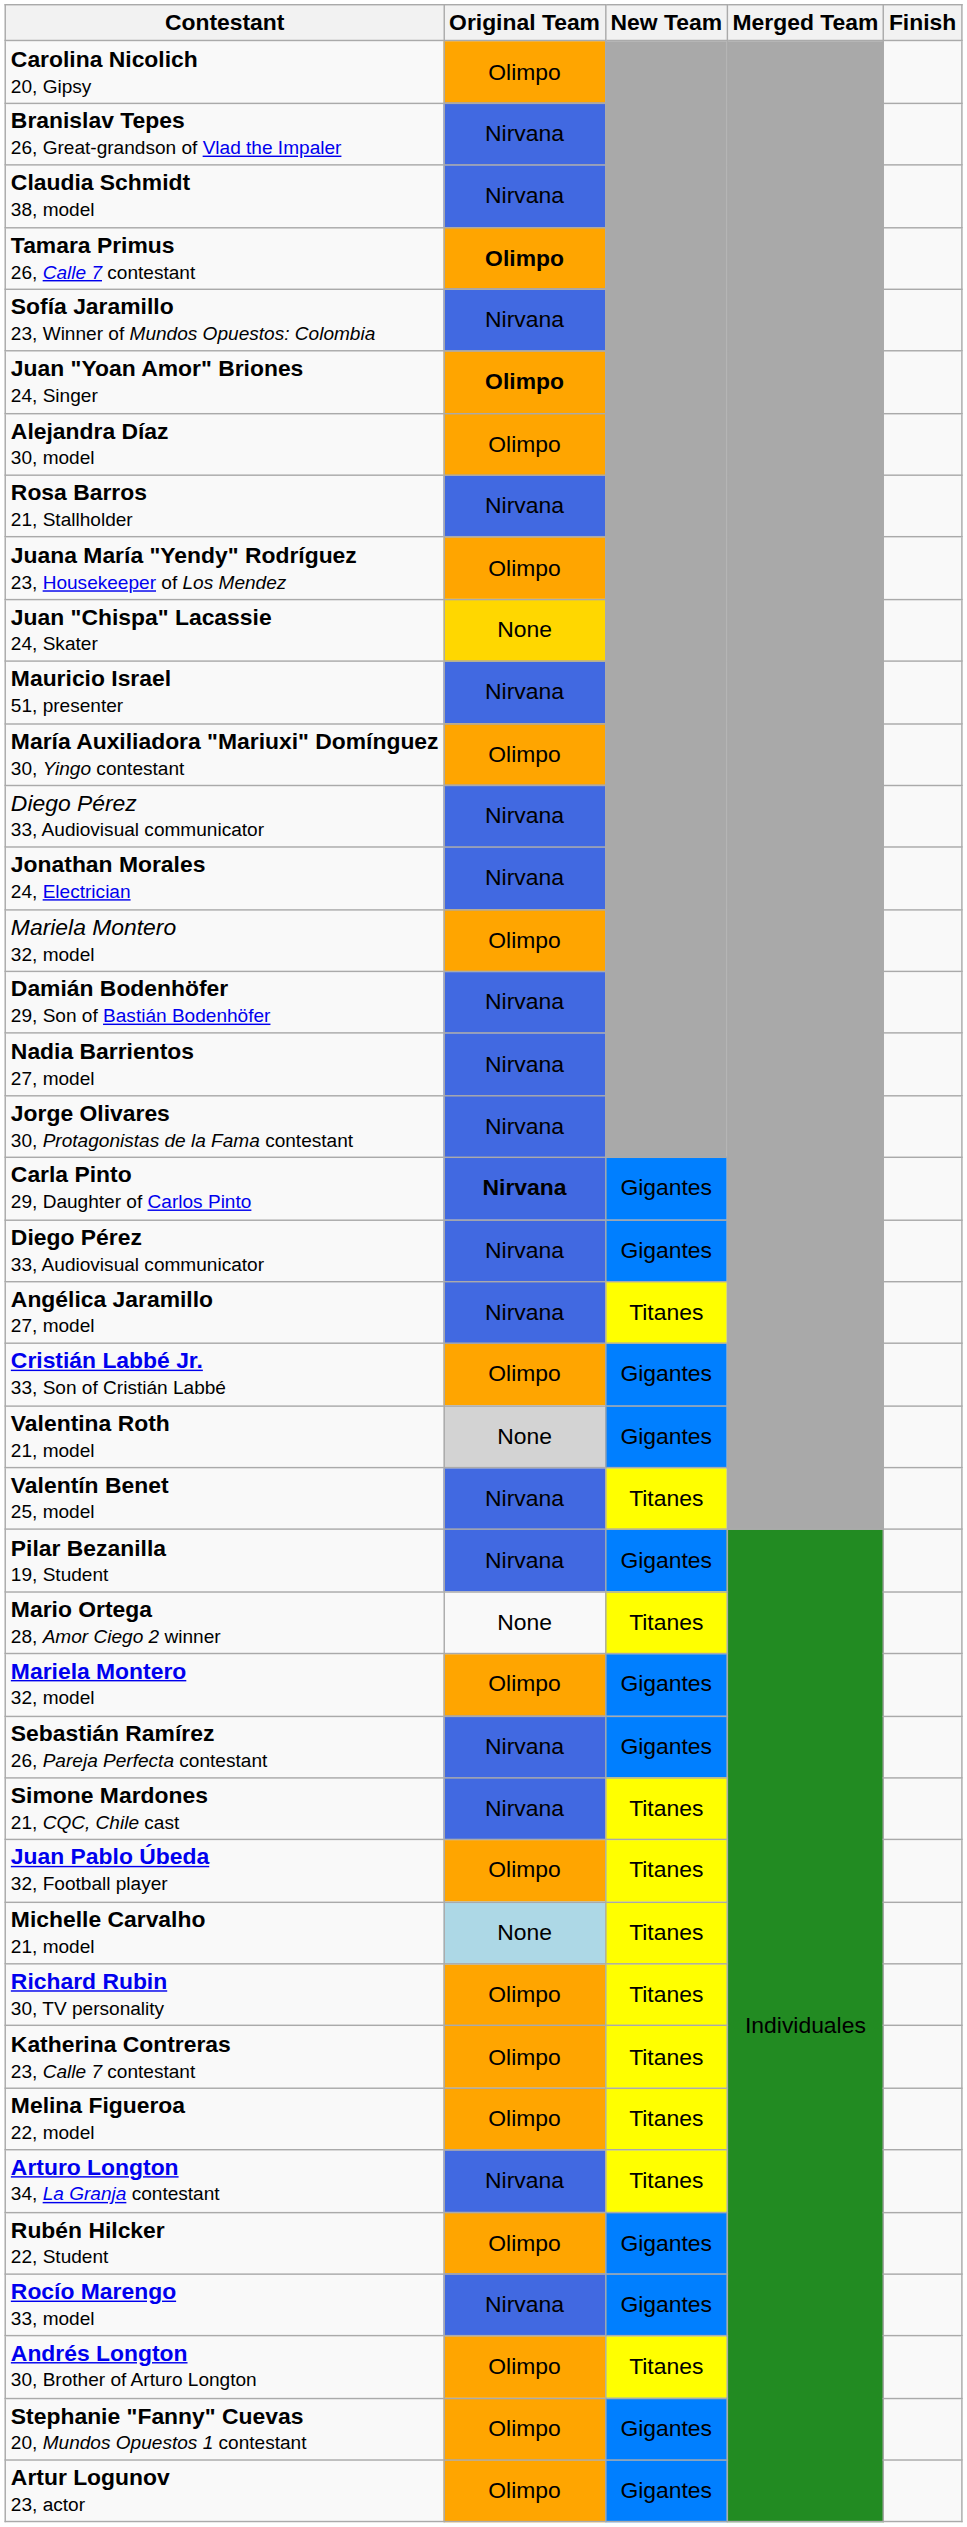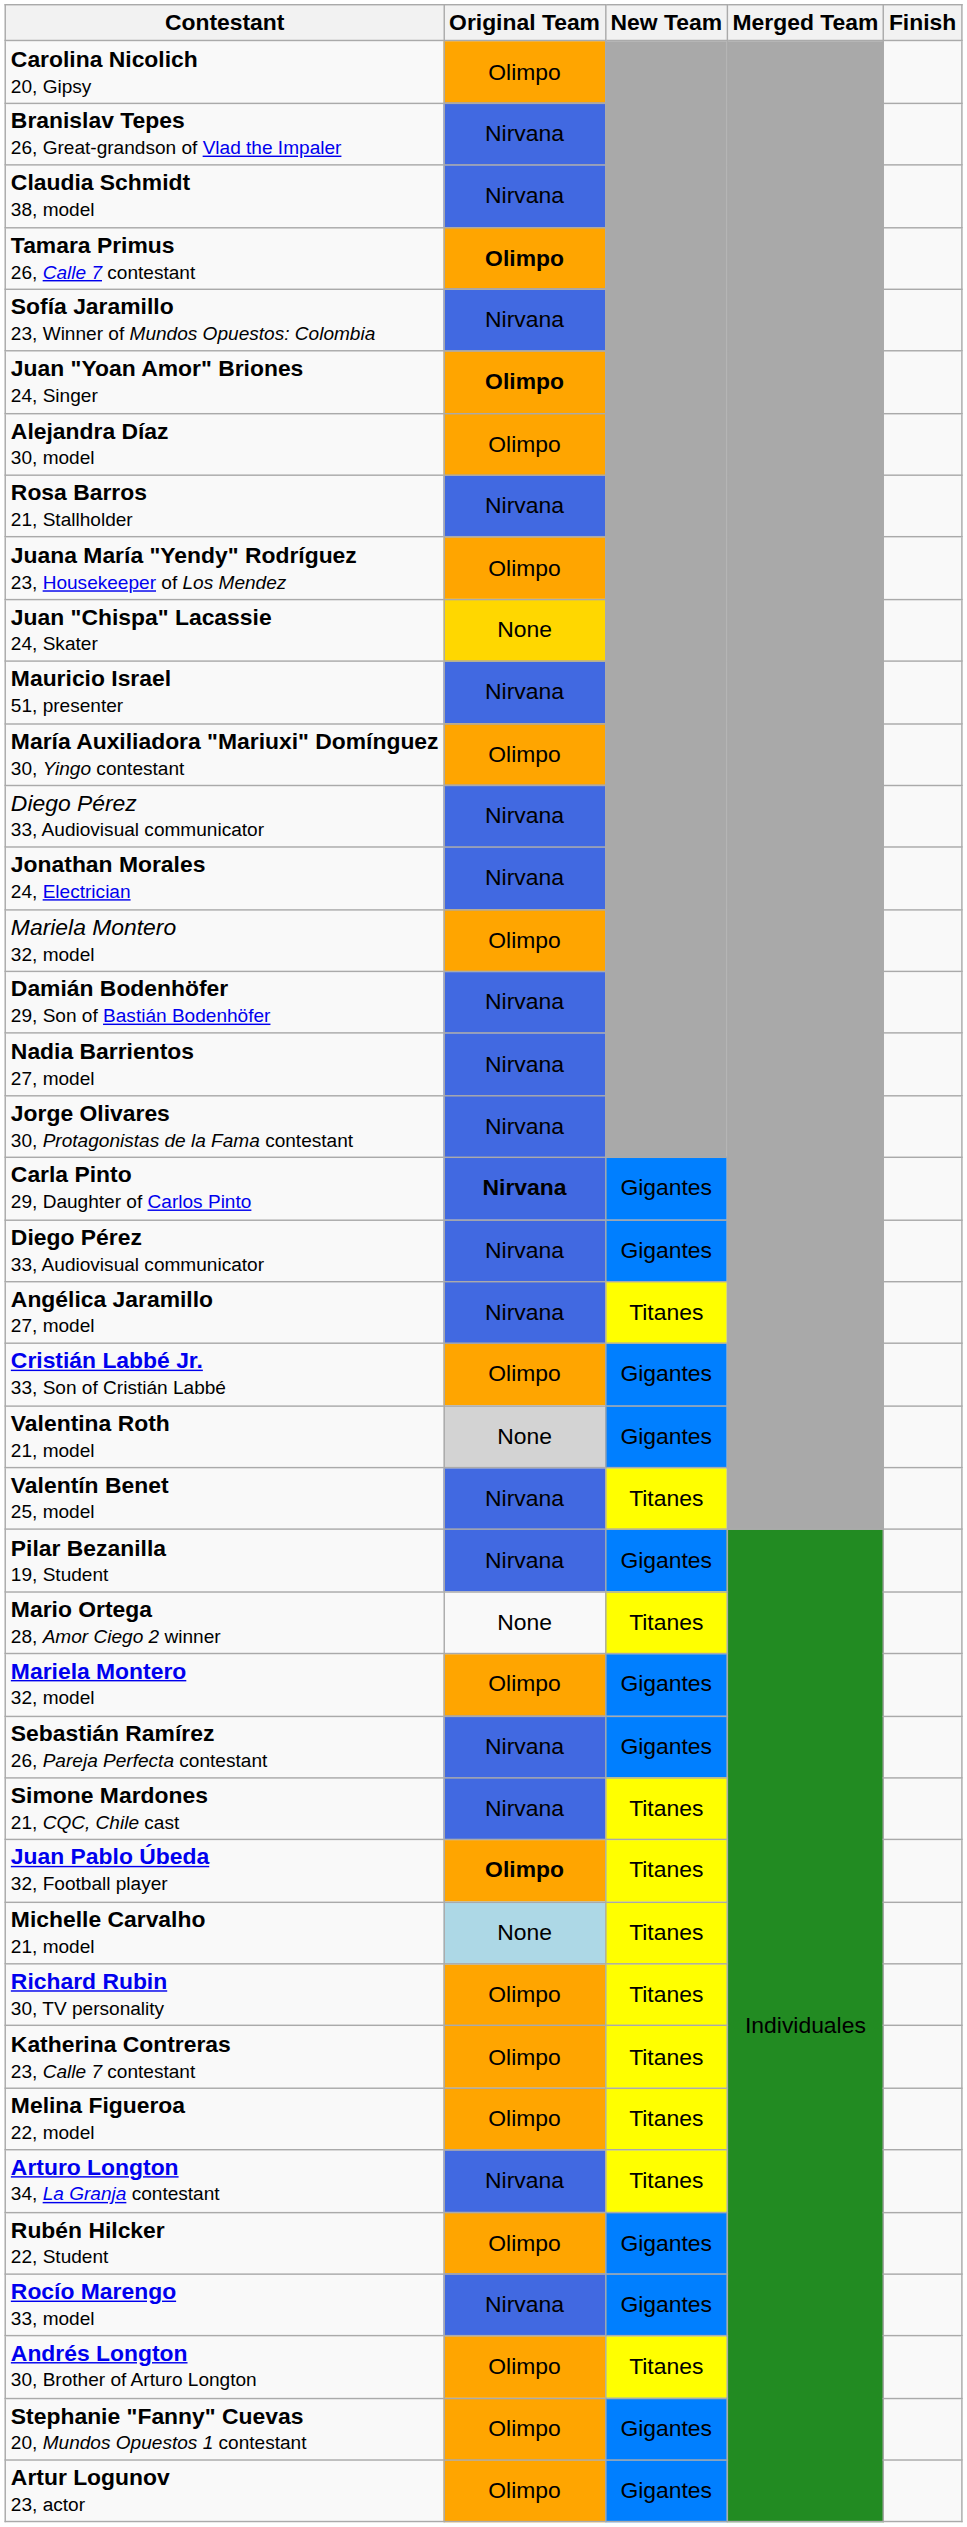 <table class="wikitable sortable" style="margin:auto; text-align:center">
 <tr>
 <th>Contestant</th>
 <th>Original Team</th>
 <th>New Team</th>
 <th>Merged Team</th>
 <th>Finish</th>
 </tr>
 <tr>
 <td align="left"><strong>Carolina Nicolich</strong><br><small>20, Gipsy</small></td>
 <td bgcolor="Orange">Olimpo</td>
 <td rowspan=18 style="background:darkgrey"></td>
 <td rowspan=24 style="background:darkgrey"></td>
 <td></td>
 </tr>
 <tr>
 <td align="left"><strong>Branislav Tepes</strong><br><small>26, Great-grandson of <a href='#'>Vlad the Impaler</a></small></td>
 <td bgcolor="RoyalBlue">Nirvana</td>
 <td></td>
 </tr>
 <tr>
 <td align="left"><strong>Claudia Schmidt</strong><br><small>38, model</small></td>
 <td bgcolor="RoyalBlue">Nirvana</td>
 <td></td>
 </tr>
 <tr>
 <td align="left"><strong>Tamara Primus</strong><br><small>26, <em><a href='#'>Calle 7</a></em> contestant</small></td>
 <td bgcolor="Orange"><strong>Olimpo</strong></td>
 <td></td>
 </tr>
 <tr>
 <td align="left"><strong>Sofía Jaramillo</strong><br><small>23, Winner of <em>Mundos Opuestos: Colombia</em></small></td>
 <td bgcolor="RoyalBlue">Nirvana</td>
 <td></td>
 </tr>
 <tr>
 <td align="left"><strong>Juan "Yoan Amor" Briones</strong><br><small>24, Singer</small></td>
 <td bgcolor="Orange"><strong>Olimpo</strong></td>
 <td></td>
 </tr>
 <tr>
 <td align="left"><strong>Alejandra Díaz</strong><br><small>30, model</small></td>
 <td bgcolor="Orange">Olimpo</td>
 <td></td>
 </tr>
 <tr>
 <td align="left"><strong>Rosa Barros</strong><br><small>21, Stallholder</small></td>
 <td bgcolor="RoyalBlue">Nirvana</td>
 <td></td>
 </tr>
 <tr>
 <td align="left"><strong>Juana María "Yendy" Rodríguez</strong><br><small>23, <a href='#'>Housekeeper</a> of <em>Los Mendez</em></small></td>
 <td bgcolor="Orange">Olimpo</td>
 <td></td>
 </tr>
 <tr>
 <td align="left"><strong>Juan "Chispa" Lacassie</strong><br><small>24, Skater</small></td>
 <td style="background: gold;">None</td>
 <td></td>
 </tr>
 <tr>
 <td align="left"><strong>Mauricio Israel</strong><br><small>51, presenter</small></td>
 <td bgcolor="RoyalBlue">Nirvana</td>
 <td></td>
 </tr>
 <tr>
 <td align="left"><strong>María Auxiliadora "Mariuxi" Domínguez</strong><br><small>30, <em>Yingo</em> contestant</small></td>
 <td bgcolor="Orange">Olimpo</td>
 <td></td>
 </tr>
 <tr>
 <td align="left"><em>Diego Pérez</em><br><small>33, Audiovisual communicator</small></td>
 <td bgcolor="RoyalBlue">Nirvana</td>
 <td></td>
 </tr>
 <tr>
 <td align="left"><strong>Jonathan Morales</strong><br><small>24, <a href='#'>Electrician</a></small></td>
 <td bgcolor="RoyalBlue">Nirvana</td>
 <td></td>
 </tr>
 <tr>
 <td align="left"><em>Mariela Montero</em><br><small>32, model</small></td>
 <td bgcolor="Orange">Olimpo</td>
 <td></td>
 </tr>
 <tr>
 <td align="left"><strong>Damián Bodenhöfer</strong><br><small>29, Son of <a href='#'>Bastián Bodenhöfer</a></small></td>
 <td bgcolor="RoyalBlue">Nirvana</td>
 <td></td>
 </tr>
 <tr>
 <td align="left"><strong>Nadia Barrientos</strong><br><small>27, model</small></td>
 <td bgcolor="RoyalBlue">Nirvana</td>
 <td></td>
 </tr>
 <tr>
 <td align="left"><strong>Jorge Olivares</strong><br><small>30, <em>Protagonistas de la Fama</em> contestant</small></td>
 <td bgcolor="RoyalBlue">Nirvana</td>
 <td></td>
 </tr>
 <tr>
 <td align="left"><strong>Carla Pinto</strong><br><small>29, Daughter of <a href='#'>Carlos Pinto</a></small></td>
 <td bgcolor="RoyalBlue"><strong>Nirvana</strong></td>
 <td bgcolor="#007FFF">Gigantes</td>
 <td></td>
 </tr>
 <tr>
 <td align="left"><strong>Diego Pérez</strong><br><small>33, Audiovisual communicator</small></td>
 <td bgcolor="RoyalBlue">Nirvana</td>
 <td bgcolor="#007FFF">Gigantes</td>
 <td></td>
 </tr>
 <tr>
 <td align="left"><strong>Angélica Jaramillo</strong><br><small>27, model</small></td>
 <td bgcolor="RoyalBlue">Nirvana</td>
 <td bgcolor="Yellow">Titanes</td>
 <td></td>
 </tr>
 <tr>
 <td align="left"><strong><a href='#'>Cristián Labbé Jr.</a></strong><br><small>33, Son of Cristián Labbé</small></td>
 <td bgcolor="Orange">Olimpo</td>
 <td bgcolor="#007FFF">Gigantes</td>
 <td></td>
 </tr>
 <tr>
 <td align="left"><strong>Valentina Roth</strong><br><small>21, model</small></td>
 <td style="background: lightgrey;">None</td>
 <td bgcolor="#007FFF">Gigantes</td>
 <td></td>
 </tr>
 <tr>
 <td align="left"><strong>Valentín Benet</strong><br><small>25, model</small></td>
 <td bgcolor="RoyalBlue">Nirvana</td>
 <td bgcolor="Yellow">Titanes</td>
 <td></td>
 </tr>
 <tr>
 <td align="left"><strong>Pilar Bezanilla</strong><br><small>19, Student</small></td>
 <td bgcolor="RoyalBlue">Nirvana</td>
 <td bgcolor="#007FFF">Gigantes</td>
 <td rowspan=16 style="background:ForestGreen;">Individuales</td>
 <td></td>
 </tr>
 <tr>
 <td align="left"><strong>Mario Ortega</strong><br><small>28, <em>Amor Ciego 2</em> winner</small></td>
 <td>None</td>
 <td bgcolor="Yellow">Titanes</td>
 <td></td>
 </tr>
 <tr>
 <td align="left"><strong><a href='#'>Mariela Montero</a></strong><br><small>32, model</small></td>
 <td bgcolor="Orange">Olimpo</td>
 <td bgcolor="#007FFF">Gigantes</td>
 <td></td>
 </tr>
 <tr>
 <td align="left"><strong>Sebastián Ramírez</strong><br><small>26, <em>Pareja Perfecta</em> contestant</small></td>
 <td bgcolor="RoyalBlue">Nirvana</td>
 <td bgcolor="#007FFF">Gigantes</td>
 <td></td>
 </tr>
 <tr>
 <td align="left"><strong>Simone Mardones</strong><br><small>21, <em>CQC, Chile</em> cast</small></td>
 <td bgcolor="RoyalBlue">Nirvana</td>
 <td bgcolor="Yellow">Titanes</td>
 <td></td>
 </tr>
 <tr>
 <td align="left"><strong><a href='#'>Juan Pablo Úbeda</a></strong><br><small>32, Football player</small></td>
-<td bgcolor="Orange">Olimpo</td>
+<td bgcolor="Orange"><strong>Olimpo</strong></td>
 <td bgcolor="Yellow">Titanes</td>
 <td></td>
 </tr>
 <tr>
 <td align="left"><strong>Michelle Carvalho</strong><br><small>21, model</small></td>
 <td style="background: lightblue;">None</td>
 <td bgcolor="Yellow">Titanes</td>
 <td></td>
 </tr>
 <tr>
 <td align="left"><strong><a href='#'>Richard Rubin</a></strong><br><small>30, TV personality</small></td>
 <td bgcolor="Orange">Olimpo</td>
 <td bgcolor="Yellow">Titanes</td>
 <td></td>
 </tr>
 <tr>
 <td align="left"><strong>Katherina Contreras</strong><br><small>23, <em>Calle 7</em> contestant</small></td>
 <td bgcolor="Orange">Olimpo</td>
 <td bgcolor="Yellow">Titanes</td>
 <td></td>
 </tr>
 <tr>
 <td align="left"><strong>Melina Figueroa</strong><br><small>22, model</small></td>
 <td bgcolor="Orange">Olimpo</td>
 <td bgcolor="Yellow">Titanes</td>
 <td></td>
 </tr>
 <tr>
 <td align="left"><strong><a href='#'>Arturo Longton</a></strong><br><small>34, <em><a href='#'>La Granja</a></em> contestant</small></td>
 <td bgcolor="RoyalBlue">Nirvana</td>
 <td bgcolor="Yellow">Titanes</td>
 <td></td>
 </tr>
 <tr>
 <td align="left"><strong>Rubén Hilcker</strong><br><small>22, Student</small></td>
 <td bgcolor="Orange">Olimpo</td>
 <td bgcolor="#007FFF">Gigantes</td>
 <td></td>
 </tr>
 <tr>
 <td align="left"><strong><a href='#'>Rocío Marengo</a></strong><br><small>33, model</small></td>
 <td bgcolor="RoyalBlue">Nirvana</td>
 <td bgcolor="#007FFF">Gigantes</td>
 <td></td>
 </tr>
 <tr>
 <td align="left"><strong><a href='#'>Andrés Longton</a></strong><br><small>30, Brother of Arturo Longton</small></td>
 <td bgcolor="Orange">Olimpo</td>
 <td bgcolor="Yellow">Titanes</td>
 <td></td>
 </tr>
 <tr>
 <td align="left"><strong>Stephanie "Fanny" Cuevas</strong><br><small>20, <em>Mundos Opuestos 1</em> contestant</small></td>
 <td bgcolor="Orange">Olimpo</td>
 <td bgcolor="#007FFF">Gigantes</td>
 <td><strong></strong></td>
 </tr>
 <tr>
 <td align="left"><strong>Artur Logunov</strong><br><small>23, actor</small></td>
 <td bgcolor="Orange">Olimpo</td>
 <td bgcolor="#007FFF">Gigantes</td>
 <td><strong></strong></td>
 </tr>
 </table>
